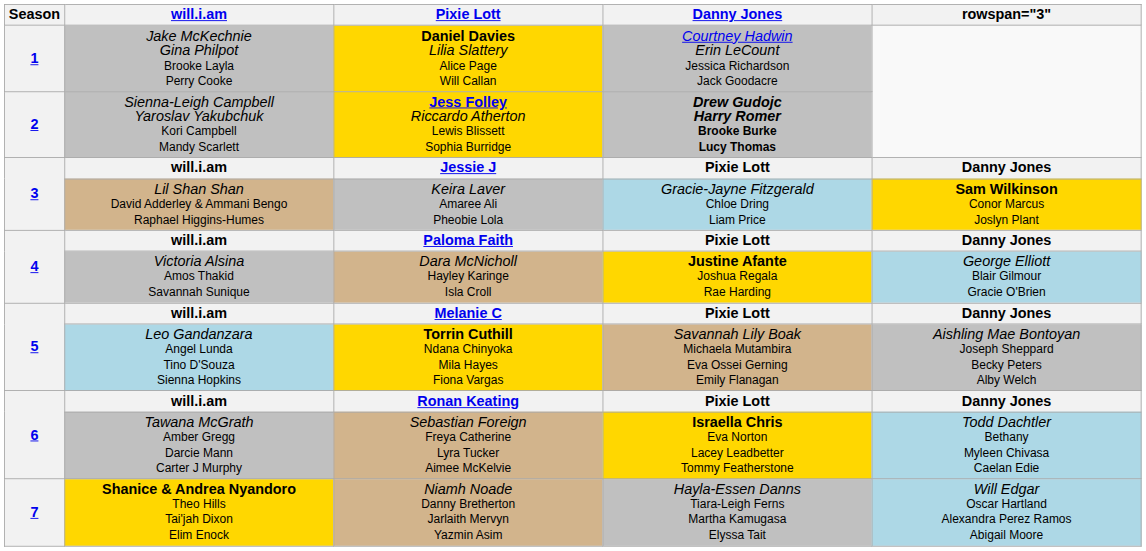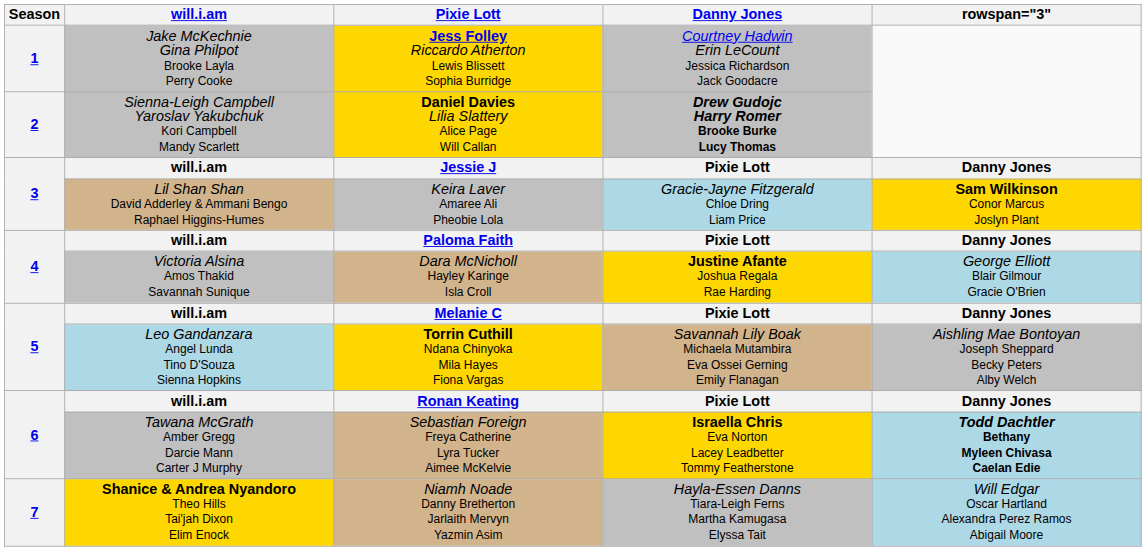 <table class="wikitable" style="text-align:center; line-height:16px; width:100%">
 <tr>
 <th style="width:01%">Season</th>
 <th style="width:20%"><a href='#'>will.i.am</a></th>
 <th style="width:20%"><a href='#'>Pixie Lott</a></th>
 <th style="width:20%"><a href='#'>Danny Jones</a></th>
 <th>rowspan="3" </th>
 </tr>
 <tr>
 <th scope="row"><a href='#'>1</a></th>
 <td style="background:silver"><em>Jake McKechnie</em><br><em>Gina Philpot</em><br><small>Brooke Layla<br>Perry Cooke</small></td>
-<td style="background:gold"><strong>Daniel Davies</strong><br><em>Lilia Slattery</em><br><small>Alice Page<br>Will Callan</small></td>
+<td style="background:gold"><strong><a href='#'>Jess Folley</a></strong><br><em>Riccardo Atherton</em><br><small>Lewis Blissett<br>Sophia Burridge</small></td>
 <td style="background:silver"><em><a href='#'>Courtney Hadwin</a></em><br><em>Erin LeCount</em><br><small>Jessica Richardson<br>Jack Goodacre</small></td>
 </tr>
 <tr>
 <th scope="row"><a href='#'>2</a></th>
 <td style="background:silver"><em>Sienna-Leigh Campbell</em><br><em>Yaroslav Yakubchuk</em><br><small>Kori Campbell<br>Mandy Scarlett</small></td>
-<td style="background:gold"><strong><a href='#'>Jess Folley</a></strong><br><em>Riccardo Atherton</em><br><small>Lewis Blissett<br>Sophia Burridge</small></td>
+<td style="background:gold"><strong>Daniel Davies</strong><br><em>Lilia Slattery</em><br><small>Alice Page<br>Will Callan</small></td>
 <td style="background:silver"><strong><em>Drew Gudojc</em><br><em>Harry Romer</em><br><small>Brooke Burke<br>Lucy Thomas</small></strong></td>
 </tr>
 <tr>
 <th rowspan="2" scope="row"><a href='#'>3</a></th>
 <th>will.i.am</th>
 <th><a href='#'>Jessie J</a></th>
 <th>Pixie Lott</th>
 <th style="width:20%">Danny Jones</th>
 </tr>
 <tr>
 <td style="background:tan"><em>Lil Shan Shan</em><br><small>David Adderley & Ammani Bengo<br>Raphael Higgins-Humes</small></td>
 <td style="background:silver"><em>Keira Laver</em><br><small>Amaree Ali<br>Pheobie Lola</small></td>
 <td style="background: lightblue"><em>Gracie-Jayne Fitzgerald</em><br><small>Chloe Dring<br>Liam Price</small></td>
 <td style="background:gold"><strong>Sam Wilkinson</strong><br><small>Conor Marcus<br>Joslyn Plant</small></td>
 </tr>
 <tr>
 <th rowspan="2" scope="row"><a href='#'>4</a></th>
 <th>will.i.am</th>
 <th><a href='#'>Paloma Faith</a></th>
 <th>Pixie Lott</th>
 <th>Danny Jones</th>
 </tr>
 <tr>
 <td style="background:silver"><em>Victoria Alsina</em><br><small>Amos Thakid<br>Savannah Sunique</small></td>
 <td style="background:tan"><em>Dara McNicholl</em><br><small>Hayley Karinge<br>Isla Croll</small></td>
 <td style="background:gold"><strong>Justine Afante</strong><br><small>Joshua Regala<br>Rae Harding</small></td>
 <td style="background: lightblue"><em>George Elliott</em><br><small>Blair Gilmour<br>Gracie O'Brien</small></td>
 </tr>
 <tr>
 <th rowspan="2" scope="row"><a href='#'>5</a></th>
 <th>will.i.am</th>
 <th><a href='#'>Melanie C</a></th>
 <th>Pixie Lott</th>
 <th>Danny Jones</th>
 </tr>
 <tr>
 <td style="background: lightblue"><em>Leo Gandanzara</em><br><small>Angel Lunda<br>Tino D'Souza<br>Sienna Hopkins</small></td>
 <td style="background:gold"><strong>Torrin Cuthill</strong><br><small>Ndana Chinyoka<br>Mila Hayes<br>Fiona Vargas</small></td>
 <td style="background:tan"><em>Savannah Lily Boak</em><br><small>Michaela Mutambira<br>Eva Ossei Gerning<br>Emily Flanagan</small></td>
 <td style="background:silver"><em>Aishling Mae Bontoyan</em><br><small>Joseph Sheppard<br>Becky Peters<br>Alby Welch</small></td>
 </tr>
 <tr>
 <th rowspan="2" scope="row"><a href='#'>6</a></th>
 <th>will.i.am</th>
 <th><a href='#'>Ronan Keating</a></th>
 <th>Pixie Lott</th>
 <th>Danny Jones</th>
 </tr>
 <tr>
 <td style="background:silver"><em>Tawana McGrath</em><br><small>Amber Gregg<br>Darcie Mann<br>Carter J Murphy</small></td>
 <td style="background:tan"><em>Sebastian Foreign</em><br><small>Freya Catherine<br>Lyra Tucker<br>Aimee McKelvie</small></td>
 <td style="background:gold"><strong>Israella Chris</strong><br><small>Eva Norton<br>Lacey Leadbetter<br>Tommy Featherstone</small></td>
-<td style="background: lightblue"><em>Todd Dachtler</em><br><small>Bethany<br>Myleen Chivasa<br>Caelan Edie</small></td>
+<td style="background: lightblue"><strong><em>Todd Dachtler</em><br><small>Bethany<br>Myleen Chivasa<br>Caelan Edie</small></strong></td>
 </tr>
 <tr>
 <th rowspan="2" scope="row"><a href='#'>7</a></th>
 <td style="background:gold"><strong>Shanice & Andrea Nyandoro</strong><br><small>Theo Hills<br>Tai'jah Dixon<br>Elim Enock</small></td>
 <td style="background:tan"><em>Niamh Noade</em><br><small>Danny Bretherton<br>Jarlaith Mervyn<br>Yazmin Asim</small></td>
 <td style="background:silver"><em>Hayla-Essen Danns</em><br><small>Tiara-Leigh Ferns<br>Martha Kamugasa<br>Elyssa Tait</small></td>
 <td style="background: lightblue"><em>Will Edgar</em><br><small>Oscar Hartland<br>Alexandra Perez Ramos<br>Abigail Moore</small></td>
 </tr>
 </table>
